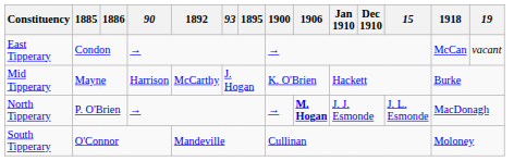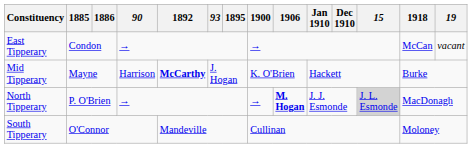 <table class="wikitable">
 <tr>
 <th>Constituency</th>
 <th>1885</th>
 <th>1886</th>
 <th><em>90</em></th>
 <th>1892</th>
 <th><em>93</em></th>
 <th>1895</th>
 <th>1900</th>
 <th>1906</th>
 <th>Jan 1910</th>
 <th>Dec 1910</th>
 <th><em>15</em></th>
 <th>1918</th>
 <th><em>19</em></th>
 </tr>
 <tr>
 <td><a href='#'>East Tipperary</a></td>
 <td colspan="2"><a href='#'>Condon</a></td>
 <td colspan="4"><a href='#'>→</a></td>
 <td colspan="5"><a href='#'>→</a></td>
 <td><a href='#'>McCan</a></td>
 <td><em>vacant</em></td>
 </tr>
 <tr>
 <td><a href='#'>Mid Tipperary</a></td>
 <td colspan="2"><a href='#'>Mayne</a></td>
 <td><a href='#'>Harrison</a></td>
-<td><a href='#'>McCarthy</a></td>
+<td><strong><a href='#'>McCarthy</a></strong></td>
 <td colspan="2"><a href='#'>J. Hogan</a></td>
 <td colspan="2"><a href='#'>K. O'Brien</a></td>
 <td colspan="3"><a href='#'>Hackett</a></td>
 <td colspan="2"><a href='#'>Burke</a></td>
 </tr>
 <tr>
 <td><a href='#'>North Tipperary</a></td>
 <td colspan="2"><a href='#'>P. O'Brien</a></td>
 <td colspan="4"><a href='#'>→</a></td>
 <td><a href='#'>→</a></td>
 <td><strong><a href='#'>M. Hogan</a></strong></td>
 <td colspan="2"><a href='#'>J. J. Esmonde</a></td>
-<td><a href='#'>J. L. Esmonde</a></td>
+<td style="background: lightgrey;"><a href='#'>J. L. Esmonde</a></td>
 <td colspan="2"><a href='#'>MacDonagh</a></td>
 </tr>
 <tr>
 <td><a href='#'>South Tipperary</a></td>
 <td colspan="3"><a href='#'>O'Connor</a></td>
 <td colspan="3"><a href='#'>Mandeville</a></td>
 <td colspan="5"><a href='#'>Cullinan</a></td>
 <td colspan="2"><a href='#'>Moloney</a></td>
 </tr>
 </table>
